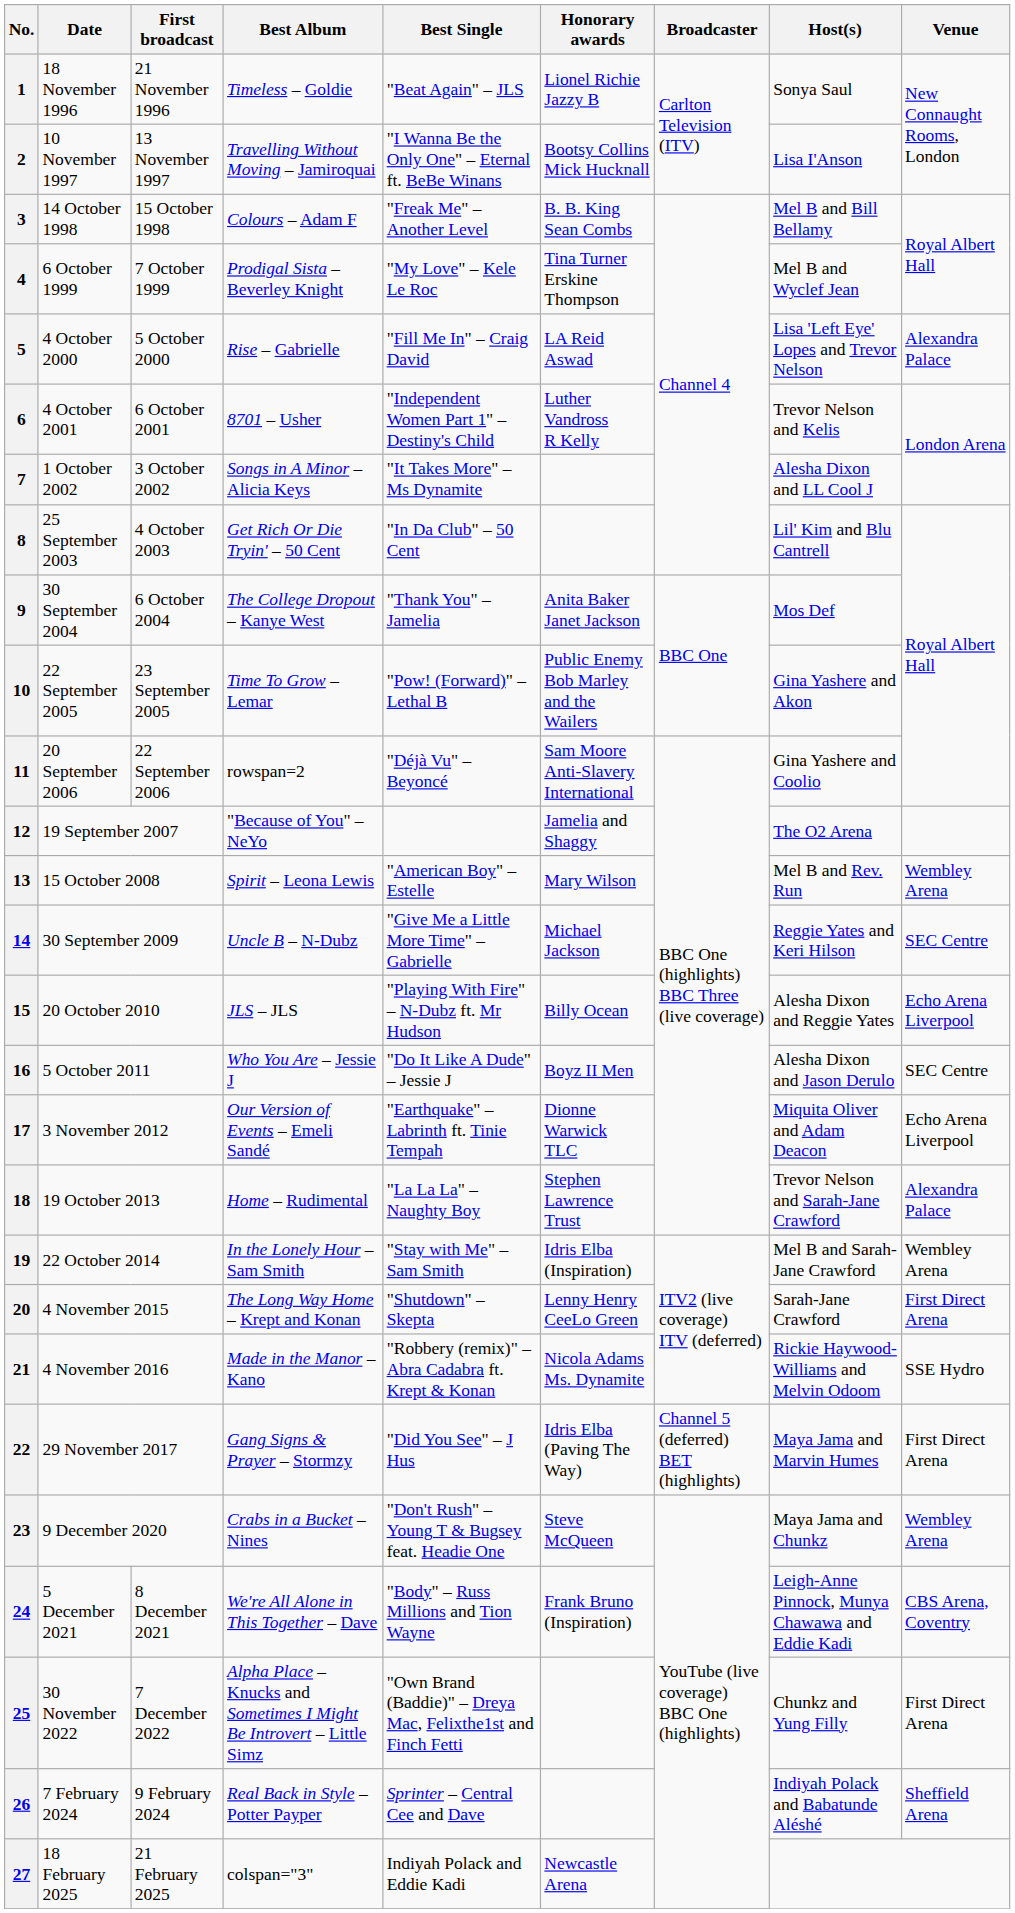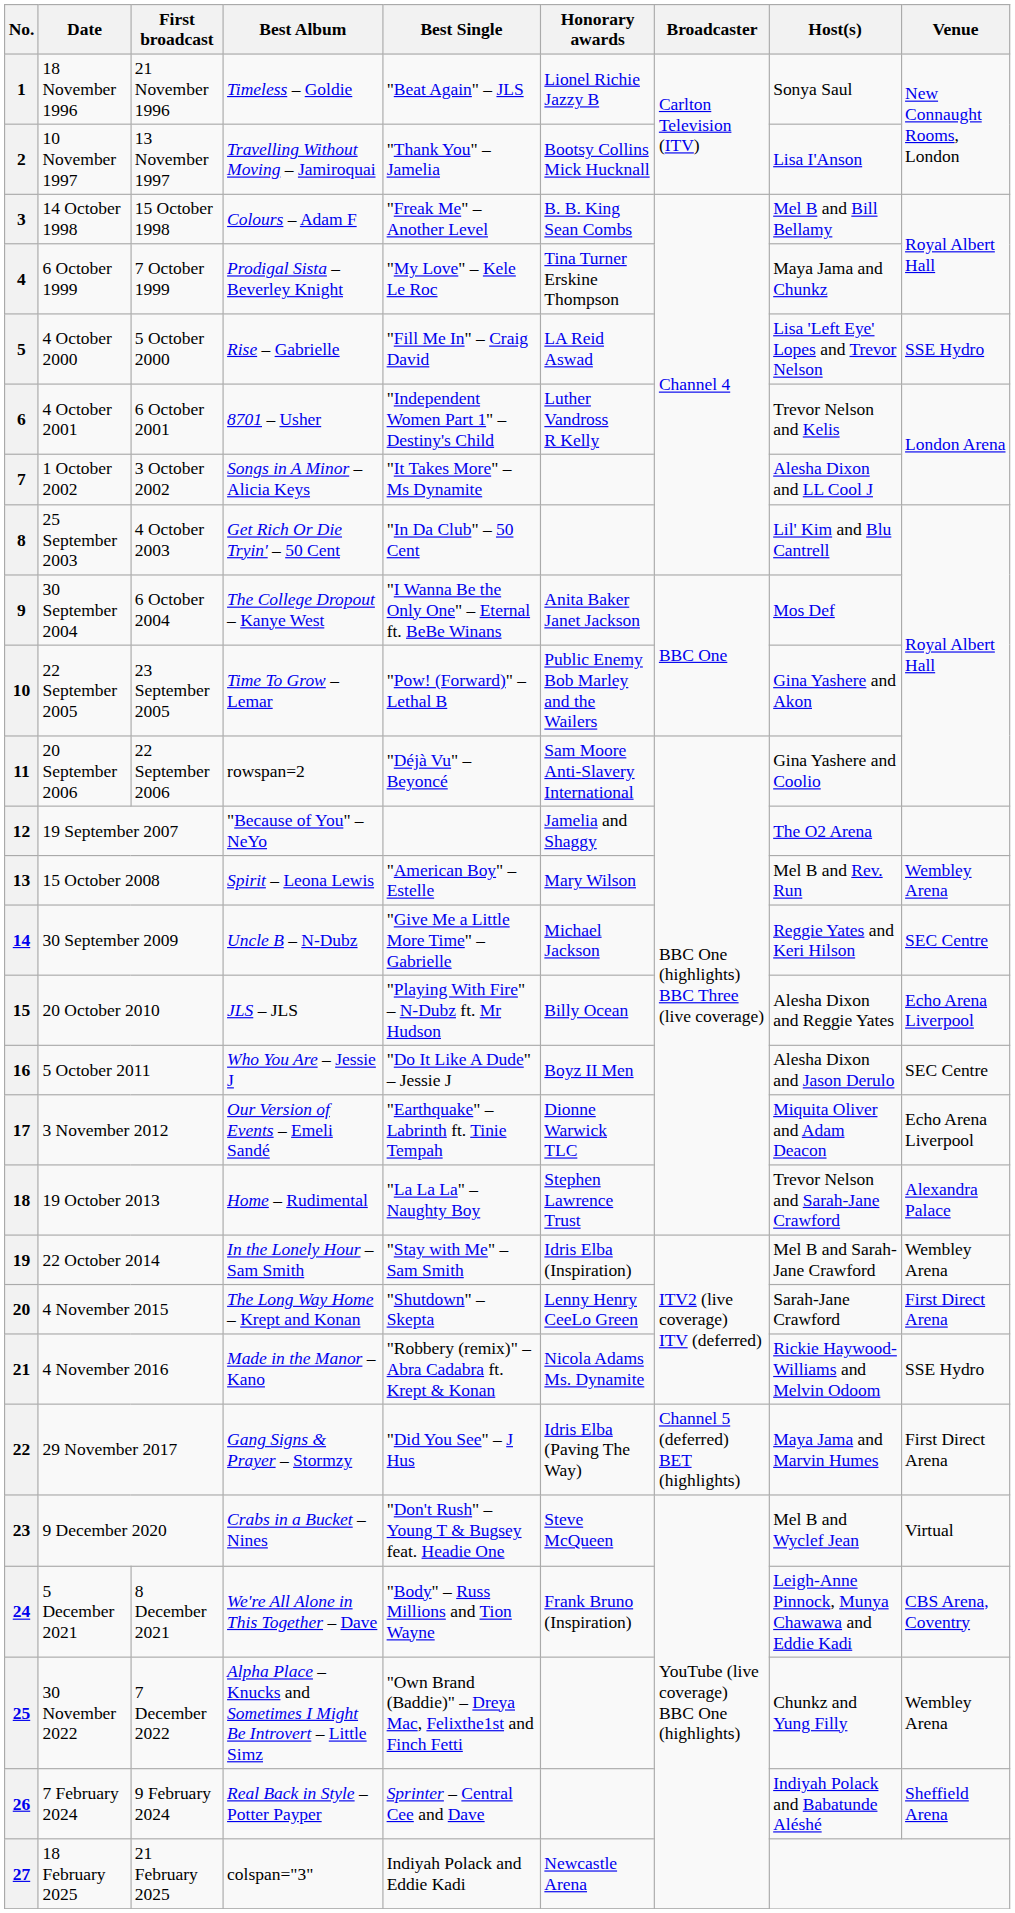 <table class="wikitable" style="font-size:95%; width:99%;">
 <tr>
 <th>No.</th>
 <th>Date</th>
 <th>First broadcast</th>
 <th>Best Album</th>
 <th>Best Single</th>
 <th>Honorary awards</th>
 <th>Broadcaster</th>
 <th>Host(s)</th>
 <th>Venue</th>
 </tr>
 <tr>
 <th>1</th>
 <td>18 November 1996</td>
 <td>21 November 1996</td>
 <td><em><a href='#'>Timeless</a></em> – <a href='#'>Goldie</a></td>
 <td>"<a href='#'>Beat Again</a>" – <a href='#'>JLS</a></td>
 <td><a href='#'>Lionel Richie</a><br><a href='#'>Jazzy B</a></td>
 <td rowspan=2><a href='#'>Carlton Television</a> (<a href='#'>ITV</a>)</td>
 <td>Sonya Saul</td>
 <td rowspan=2><a href='#'>New Connaught Rooms</a>, London</td>
 </tr>
 <tr>
 <th>2</th>
 <td>10 November 1997</td>
 <td>13 November 1997</td>
 <td><em><a href='#'>Travelling Without Moving</a></em> – <a href='#'>Jamiroquai</a></td>
-<td>"<a href='#'>I Wanna Be the Only One</a>" – <a href='#'>Eternal</a> ft. <a href='#'>BeBe Winans</a></td>
+<td>"<a href='#'>Thank You</a>" – <a href='#'>Jamelia</a></td>
 <td><a href='#'>Bootsy Collins</a><br><a href='#'>Mick Hucknall</a></td>
 <td><a href='#'>Lisa I'Anson</a></td>
 </tr>
 <tr>
 <th>3</th>
 <td>14 October 1998</td>
 <td>15 October 1998</td>
 <td><em><a href='#'>Colours</a></em> – <a href='#'>Adam F</a></td>
 <td>"<a href='#'>Freak Me</a>" – <a href='#'>Another Level</a></td>
 <td><a href='#'>B. B. King</a><br><a href='#'>Sean Combs</a></td>
 <td rowspan=6><a href='#'>Channel 4</a></td>
 <td><a href='#'>Mel B</a> and <a href='#'>Bill Bellamy</a></td>
 <td rowspan=2><a href='#'>Royal Albert Hall</a></td>
 </tr>
 <tr>
 <th>4</th>
 <td>6 October 1999</td>
 <td>7 October 1999</td>
 <td><em><a href='#'>Prodigal Sista</a></em> – <a href='#'>Beverley Knight</a></td>
 <td>"<a href='#'>My Love</a>" – <a href='#'>Kele Le Roc</a></td>
 <td><a href='#'>Tina Turner</a><br>Erskine Thompson</td>
-<td>Mel B and <a href='#'>Wyclef Jean</a></td>
+<td>Maya Jama and	<a href='#'>Chunkz</a></td>
 </tr>
 <tr>
 <th>5</th>
 <td>4 October 2000</td>
 <td>5 October 2000</td>
 <td><em><a href='#'>Rise</a></em> – <a href='#'>Gabrielle</a></td>
 <td>"<a href='#'>Fill Me In</a>" – <a href='#'>Craig David</a></td>
 <td><a href='#'>LA Reid</a><br><a href='#'>Aswad</a></td>
 <td><a href='#'>Lisa 'Left Eye' Lopes</a> and <a href='#'>Trevor Nelson</a></td>
-<td><a href='#'>Alexandra Palace</a></td>
+<td><a href='#'>SSE Hydro</a></td>
 </tr>
 <tr>
 <th>6</th>
 <td>4 October 2001</td>
 <td>6 October 2001</td>
 <td><em><a href='#'>8701</a></em> – <a href='#'>Usher</a></td>
 <td>"<a href='#'>Independent Women Part 1</a>" – <a href='#'>Destiny's Child</a></td>
 <td><a href='#'>Luther Vandross</a><br><a href='#'>R Kelly</a></td>
 <td>Trevor Nelson and <a href='#'>Kelis</a></td>
 <td rowspan=2><a href='#'>London Arena</a></td>
 </tr>
 <tr>
 <th>7</th>
 <td>1 October 2002</td>
 <td>3 October 2002</td>
 <td><em><a href='#'>Songs in A Minor</a></em> – <a href='#'>Alicia Keys</a></td>
 <td>"<a href='#'>It Takes More</a>" – <a href='#'>Ms Dynamite</a></td>
 <td></td>
 <td><a href='#'>Alesha Dixon</a> and <a href='#'>LL Cool J</a></td>
 </tr>
 <tr>
 <th>8</th>
 <td>25 September 2003</td>
 <td>4 October 2003</td>
 <td><em><a href='#'>Get Rich Or Die Tryin'</a></em> – <a href='#'>50 Cent</a></td>
 <td>"<a href='#'>In Da Club</a>" – <a href='#'>50 Cent</a></td>
 <td></td>
 <td><a href='#'>Lil' Kim</a> and <a href='#'>Blu Cantrell</a></td>
 <td rowspan=4><a href='#'>Royal Albert Hall</a></td>
 </tr>
 <tr>
 <th>9</th>
 <td>30 September 2004</td>
 <td>6 October 2004</td>
 <td><em><a href='#'>The College Dropout</a></em> – <a href='#'>Kanye West</a></td>
-<td>"<a href='#'>Thank You</a>" – <a href='#'>Jamelia</a></td>
+<td>"<a href='#'>I Wanna Be the Only One</a>" – <a href='#'>Eternal</a> ft. <a href='#'>BeBe Winans</a></td>
 <td><a href='#'>Anita Baker</a><br><a href='#'>Janet Jackson</a></td>
 <td rowspan=2><a href='#'>BBC One</a></td>
 <td><a href='#'>Mos Def</a></td>
 </tr>
 <tr>
 <th>10</th>
 <td>22 September 2005</td>
 <td>23 September 2005</td>
 <td><em><a href='#'>Time To Grow</a></em> – <a href='#'>Lemar</a></td>
 <td>"<a href='#'>Pow! (Forward)</a>" – <a href='#'>Lethal B</a></td>
 <td><a href='#'>Public Enemy</a><br><a href='#'>Bob Marley and the Wailers</a></td>
 <td><a href='#'>Gina Yashere</a> and <a href='#'>Akon</a></td>
 </tr>
 <tr>
 <th>11</th>
 <td>20 September 2006</td>
 <td>22 September 2006</td>
 <td>rowspan=2 </td>
 <td>"<a href='#'>Déjà Vu</a>" – <a href='#'>Beyoncé</a></td>
 <td><a href='#'>Sam Moore</a><br><a href='#'>Anti-Slavery International</a></td>
 <td rowspan=8>BBC One (highlights)<br><a href='#'>BBC Three</a> (live coverage)</td>
 <td>Gina Yashere and <a href='#'>Coolio</a></td>
 </tr>
 <tr>
 <th>12</th>
 <td colspan=2>19 September 2007</td>
 <td>"<a href='#'>Because of You</a>" – <a href='#'>NeYo</a></td>
 <td></td>
 <td><a href='#'>Jamelia</a> and <a href='#'>Shaggy</a></td>
 <td><a href='#'>The O2 Arena</a></td>
 </tr>
 <tr>
 <th>13</th>
 <td colspan=2>15 October 2008</td>
 <td><em><a href='#'>Spirit</a></em> – <a href='#'>Leona Lewis</a></td>
 <td>"<a href='#'>American Boy</a>" – <a href='#'>Estelle</a></td>
 <td><a href='#'>Mary Wilson</a></td>
 <td>Mel B and <a href='#'>Rev. Run</a></td>
 <td><a href='#'>Wembley Arena</a></td>
 </tr>
 <tr>
 <th><a href='#'>14</a></th>
 <td colspan=2>30 September 2009</td>
 <td><em><a href='#'>Uncle B</a></em> – <a href='#'>N-Dubz</a></td>
 <td>"<a href='#'>Give Me a Little More Time</a>" – <a href='#'>Gabrielle</a></td>
 <td><a href='#'>Michael Jackson</a></td>
 <td><a href='#'>Reggie Yates</a> and <a href='#'>Keri Hilson</a></td>
 <td><a href='#'>SEC Centre</a></td>
 </tr>
 <tr>
 <th>15</th>
 <td colspan=2>20 October 2010</td>
 <td><em><a href='#'>JLS</a></em> – JLS</td>
 <td>"<a href='#'>Playing With Fire</a>" – <a href='#'>N-Dubz</a> ft. <a href='#'>Mr Hudson</a></td>
 <td><a href='#'>Billy Ocean</a></td>
 <td>Alesha Dixon and Reggie Yates</td>
 <td><a href='#'>Echo Arena Liverpool</a></td>
 </tr>
 <tr>
 <th>16</th>
 <td colspan=2>5 October 2011</td>
 <td><em><a href='#'>Who You Are</a></em> – <a href='#'>Jessie J</a></td>
 <td>"<a href='#'>Do It Like A Dude</a>" – Jessie J</td>
 <td><a href='#'>Boyz II Men</a></td>
 <td>Alesha Dixon and <a href='#'>Jason Derulo</a></td>
 <td>SEC Centre</td>
 </tr>
 <tr>
 <th>17</th>
 <td colspan=2>3 November 2012</td>
 <td><em><a href='#'>Our Version of Events</a></em> – <a href='#'>Emeli Sandé</a></td>
 <td>"<a href='#'>Earthquake</a>" – <a href='#'>Labrinth</a> ft. <a href='#'>Tinie Tempah</a></td>
 <td><a href='#'>Dionne Warwick</a><br><a href='#'>TLC</a></td>
 <td><a href='#'>Miquita Oliver</a> and <a href='#'>Adam Deacon</a></td>
 <td>Echo Arena Liverpool</td>
 </tr>
 <tr>
 <th>18</th>
 <td colspan=2>19 October 2013</td>
 <td><em><a href='#'>Home</a></em> – <a href='#'>Rudimental</a></td>
 <td>"<a href='#'>La La La</a>" – <a href='#'>Naughty Boy</a></td>
 <td><a href='#'>Stephen Lawrence Trust</a></td>
 <td>Trevor Nelson and <a href='#'>Sarah-Jane Crawford</a></td>
 <td><a href='#'>Alexandra Palace</a></td>
 </tr>
 <tr>
 <th>19</th>
 <td colspan=2>22 October 2014</td>
 <td><em><a href='#'>In the Lonely Hour</a></em> – <a href='#'>Sam Smith</a></td>
 <td>"<a href='#'>Stay with Me</a>" – <a href='#'>Sam Smith</a></td>
 <td><a href='#'>Idris Elba</a> (Inspiration)</td>
 <td rowspan=3><a href='#'>ITV2</a> (live coverage)<br><a href='#'>ITV</a> (deferred)</td>
 <td>Mel B and Sarah-Jane Crawford</td>
 <td>Wembley Arena</td>
 </tr>
 <tr>
 <th>20</th>
 <td colspan=2>4 November 2015</td>
 <td><em><a href='#'>The Long Way Home</a></em> – <a href='#'>Krept and Konan</a></td>
 <td>"<a href='#'>Shutdown</a>" – <a href='#'>Skepta</a></td>
 <td><a href='#'>Lenny Henry</a><br><a href='#'>CeeLo Green</a></td>
 <td>Sarah-Jane Crawford</td>
 <td><a href='#'>First Direct Arena</a></td>
 </tr>
 <tr>
 <th>21</th>
 <td colspan=2>4 November 2016</td>
 <td><em><a href='#'>Made in the Manor</a></em> – <a href='#'>Kano</a></td>
 <td>"Robbery (remix)" – <a href='#'>Abra Cadabra</a> ft. <a href='#'>Krept & Konan</a></td>
 <td><a href='#'>Nicola Adams</a><br><a href='#'>Ms. Dynamite</a></td>
 <td><a href='#'>Rickie Haywood-Williams</a> and <a href='#'>Melvin Odoom</a></td>
 <td>SSE Hydro</td>
 </tr>
 <tr>
 <th>22</th>
 <td colspan=2>29 November 2017</td>
 <td><em><a href='#'>Gang Signs & Prayer</a></em> – <a href='#'>Stormzy</a></td>
 <td>"<a href='#'>Did You See</a>" – <a href='#'>J Hus</a></td>
 <td><a href='#'>Idris Elba</a> (Paving The Way)</td>
 <td><a href='#'>Channel 5</a> (deferred)<br><a href='#'>BET</a> (highlights)</td>
 <td><a href='#'>Maya Jama</a> and <a href='#'>Marvin Humes</a></td>
 <td>First Direct Arena</td>
 </tr>
 <tr>
 <th>23</th>
 <td colspan=2>9 December 2020</td>
 <td><em><a href='#'>Crabs in a Bucket</a></em> – <a href='#'>Nines</a></td>
 <td>"<a href='#'>Don't Rush</a>" – <a href='#'>Young T & Bugsey</a> feat. <a href='#'>Headie One</a></td>
 <td><a href='#'>Steve McQueen</a></td>
 <td rowspan="5">YouTube (live coverage)<br>BBC One (highlights)</td>
-<td>Maya Jama and	<a href='#'>Chunkz</a></td>
-<td><a href='#'>Wembley Arena</a></td>
+<td>Mel B and <a href='#'>Wyclef Jean</a></td>
+<td>Virtual</td>
 </tr>
 <tr>
 <th><a href='#'>24</a></th>
 <td>5 December 2021</td>
 <td>8 December 2021</td>
 <td><em><a href='#'>We're All Alone in This Together</a></em> – <a href='#'>Dave</a></td>
 <td>"<a href='#'>Body</a>" – <a href='#'>Russ Millions</a> and <a href='#'>Tion Wayne</a></td>
 <td><a href='#'>Frank Bruno</a> (Inspiration)</td>
 <td><a href='#'>Leigh-Anne Pinnock</a>, <a href='#'>Munya Chawawa</a> and <a href='#'>Eddie Kadi</a></td>
 <td><a href='#'>CBS Arena, Coventry</a></td>
 </tr>
 <tr>
 <th><a href='#'>25</a></th>
 <td>30 November 2022</td>
 <td>7 December 2022</td>
 <td><em><a href='#'>Alpha Place</a></em> – <a href='#'>Knucks</a> and <em><a href='#'>Sometimes I Might Be Introvert</a></em> – <a href='#'>Little Simz</a></td>
 <td>"Own Brand (Baddie)" – <a href='#'>Dreya Mac</a>, <a href='#'>Felixthe1st</a> and <a href='#'>Finch Fetti</a></td>
 <td></td>
 <td>Chunkz and <a href='#'>Yung Filly</a></td>
-<td>First Direct Arena</td>
+<td>Wembley Arena</td>
 </tr>
 <tr>
 <th><a href='#'>26</a></th>
 <td>7 February 2024</td>
 <td>9 February 2024</td>
 <td><em><a href='#'>Real Back in Style</a></em> – <a href='#'>Potter Payper</a></td>
 <td><em><a href='#'>Sprinter</a></em> – <a href='#'>Central Cee</a> and <a href='#'>Dave</a></td>
 <td></td>
 <td><a href='#'>Indiyah Polack</a> and <a href='#'>Babatunde Aléshé</a></td>
 <td><a href='#'>Sheffield Arena</a></td>
 </tr>
 <tr>
 <th><a href='#'>27</a></th>
 <td>18 February 2025</td>
 <td>21 February 2025</td>
 <td>colspan="3" </td>
 <td>Indiyah Polack and Eddie Kadi</td>
 <td><a href='#'>Newcastle Arena</a></td>
 </tr>
 <tr>
 </tr>
 </table>
